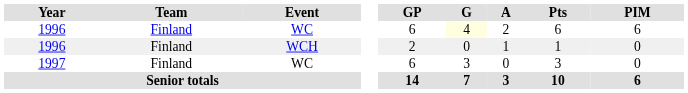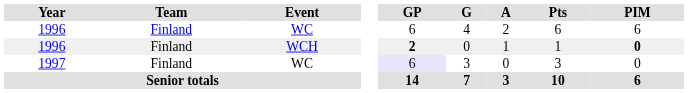 <table border="0" cellpadding="1" cellspacing="0" style="text-align:center; width:50em">
 <tr ALIGN="center" bgcolor="#e0e0e0">
 <th>Year</th>
 <th>Team</th>
 <th>Event</th>
 <th rowspan="99" bgcolor="#ffffff"> </th>
 <th>GP</th>
 <th>G</th>
 <th>A</th>
 <th>Pts</th>
 <th>PIM</th>
 </tr>
 <tr>
 <td><a href='#'>1996</a></td>
 <td><a href='#'>Finland</a></td>
 <td><a href='#'>WC</a></td>
 <td>6</td>
-<td style="background: lightyellow;">4</td>
+<td>4</td>
 <td>2</td>
 <td>6</td>
 <td>6</td>
 </tr>
 <tr bgcolor="#f0f0f0">
 <td><a href='#'>1996</a></td>
 <td>Finland</td>
 <td><a href='#'>WCH</a></td>
-<td>2</td>
+<td><strong>2</strong></td>
 <td>0</td>
 <td>1</td>
 <td>1</td>
-<td>0</td>
+<td><strong>0</strong></td>
 </tr>
 <tr>
 <td><a href='#'>1997</a></td>
 <td>Finland</td>
 <td>WC</td>
-<td>6</td>
+<td style="background: lavender;">6</td>
 <td>3</td>
 <td>0</td>
 <td>3</td>
 <td>0</td>
 </tr>
 <tr bgcolor="#e0e0e0">
 <th colspan=3>Senior totals</th>
 <th>14</th>
 <th>7</th>
 <th>3</th>
 <th>10</th>
 <th>6</th>
 </tr>
 </table>
